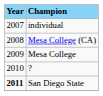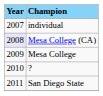 <table class="wikitable" style="font-size:85%;">
 <tr ! style="background-color: #87D3F8;">
 <td><strong>Year</strong></td>
 <td><strong>Champion</strong></td>
 </tr>
 <tr --->
 <td>2007</td>
 <td>individual</td>
 </tr>
 <tr --->
-<td>2008</td>
+<td style="background: lavender;">2008</td>
 <td><a href='#'>Mesa College</a> (CA)</td>
 </tr>
 <tr --->
 <td>2009</td>
 <td>Mesa College</td>
 </tr>
 <tr --->
 <td>2010</td>
 <td>?</td>
 </tr>
 <tr --->
-<td><strong>2011</strong></td>
+<td>2011</td>
 <td>San Diego State</td>
 </tr>
 <tr --->
 </tr>
 </table>
